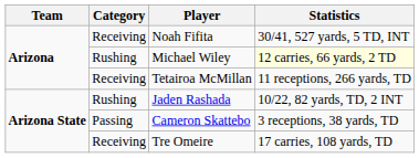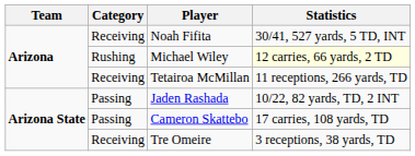 <table class="wikitable" style="float: right;">
 <tr>
 <th>Team</th>
 <th>Category</th>
 <th>Player</th>
 <th>Statistics</th>
 </tr>
 <tr>
 <td rowspan=3><strong>Arizona</strong></td>
 <td>Receiving</td>
 <td>Noah Fifita</td>
 <td>30/41, 527 yards, 5 TD, INT</td>
 </tr>
 <tr>
 <td>Rushing</td>
 <td>Michael Wiley</td>
 <td style="background: lightyellow;">12 carries, 66 yards, 2 TD</td>
 </tr>
 <tr>
 <td>Receiving</td>
 <td>Tetairoa McMillan</td>
 <td>11 receptions, 266 yards, TD</td>
 </tr>
 <tr>
 <td rowspan=3><strong>Arizona State</strong></td>
-<td>Rushing</td>
+<td>Passing</td>
 <td><a href='#'>Jaden Rashada</a></td>
 <td>10/22, 82 yards, TD, 2 INT</td>
 </tr>
 <tr>
 <td>Passing</td>
 <td><a href='#'>Cameron Skattebo</a></td>
-<td>3 receptions, 38 yards, TD</td>
+<td>17 carries, 108 yards, TD</td>
 </tr>
 <tr>
 <td>Receiving</td>
 <td>Tre Omeire</td>
-<td>17 carries, 108 yards, TD</td>
+<td>3 receptions, 38 yards, TD</td>
 </tr>
 </table>
